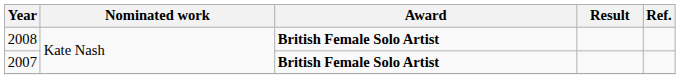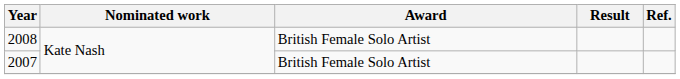 <table class="wikitable">
 <tr>
 <th>Year</th>
 <th width="250">Nominated work</th>
 <th width="325">Award</th>
 <th width="65">Result</th>
 <th>Ref.</th>
 </tr>
 <tr>
 <td align="center">2008</td>
 <td rowspan=2>Kate Nash</td>
-<td><strong>British Female Solo Artist</strong></td>
+<td>British Female Solo Artist</td>
 <td></td>
 <td align="center"></td>
 </tr>
 <tr>
 <td align="center">2007</td>
-<td><strong>British Female Solo Artist</strong></td>
+<td>British Female Solo Artist</td>
 <td></td>
 <td align="center"></td>
 </tr>
 <tr>
 </tr>
 </table>
